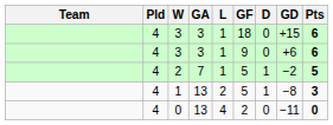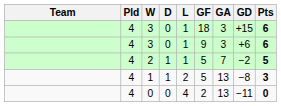 <table class="wikitable" style="text-align: center;">
 <tr>
 <th width=175>Team</th>
 <th width=20>Pld</th>
 <th width=20>W</th>
-<th width=20>GA</th>
+<th width=20>D</th>
 <th width=20>L</th>
 <th width=20>GF</th>
-<th width=20>D</th>
+<th width=20>GA</th>
 <th width=20>GD</th>
 <th width=20>Pts</th>
 </tr>
 <tr style="background:#ccffcc;">
 <td style="text-align:left;"></td>
 <td>4</td>
 <td>3</td>
-<td>3</td>
+<td>0</td>
 <td>1</td>
 <td>18</td>
-<td>0</td>
+<td>3</td>
 <td>+15</td>
 <td><strong>6</strong></td>
 </tr>
 <tr style="background:#ccffcc;">
 <td style="text-align:left;"></td>
 <td>4</td>
 <td>3</td>
-<td>3</td>
+<td>0</td>
 <td>1</td>
 <td>9</td>
-<td>0</td>
+<td>3</td>
 <td>+6</td>
 <td><strong>6</strong></td>
 </tr>
 <tr style="background:#ccffcc;">
 <td style="text-align:left;"></td>
 <td>4</td>
 <td>2</td>
-<td>7</td>
+<td>1</td>
 <td>1</td>
 <td>5</td>
-<td>1</td>
+<td>7</td>
 <td>−2</td>
 <td><strong>5</strong></td>
 </tr>
 <tr>
 <td style="text-align:left;"></td>
 <td>4</td>
 <td>1</td>
-<td>13</td>
+<td>1</td>
 <td>2</td>
 <td>5</td>
-<td>1</td>
+<td>13</td>
 <td>−8</td>
 <td><strong>3</strong></td>
 </tr>
 <tr>
 <td style="text-align:left;"></td>
 <td>4</td>
 <td>0</td>
-<td>13</td>
+<td>0</td>
 <td>4</td>
 <td>2</td>
-<td>0</td>
+<td>13</td>
 <td>−11</td>
 <td><strong>0</strong></td>
 </tr>
 </table>
